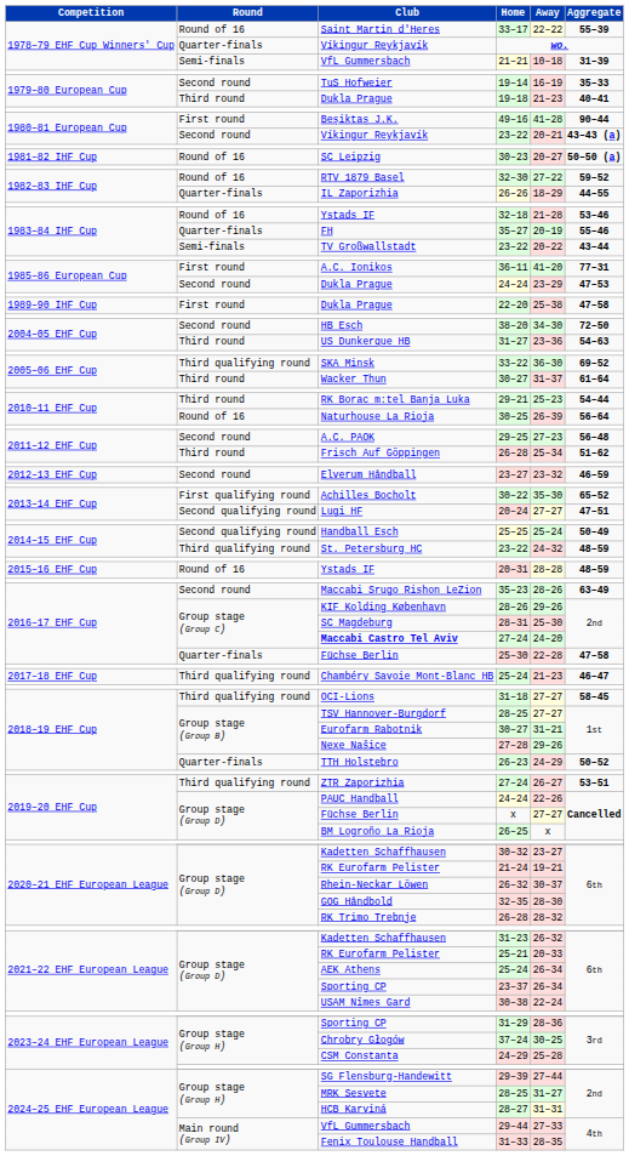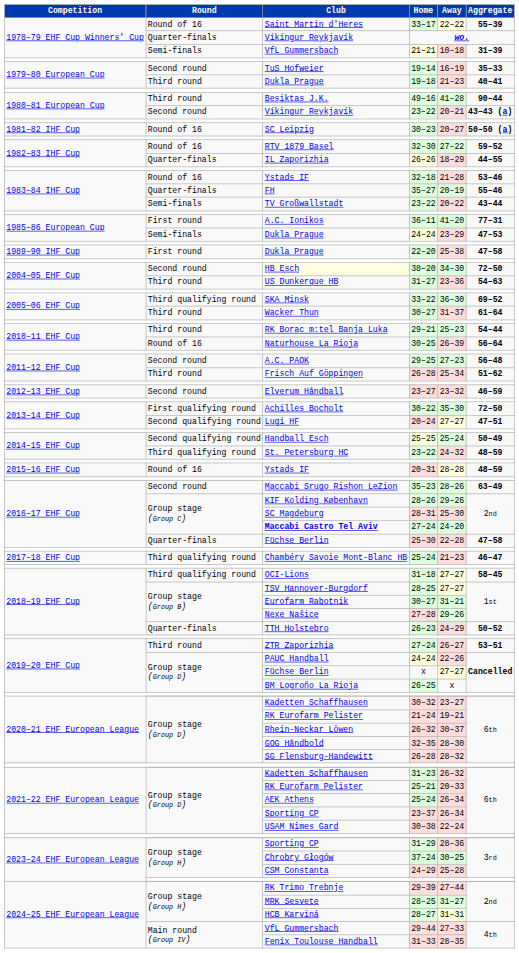 <table class="wikitable collapsible collapsed" align=center>
 <tr>
 <th style="color:#FFFFFF; background:#0038af">Competition</th>
 <th style="color:#FFFFFF; background:#0038af">Round</th>
 <th style="color:#FFFFFF; background:#0038af">Club</th>
 <th style="color:#FFFFFF; background:#0038af">Home</th>
 <th style="color:#FFFFFF; background:#0038af">Away</th>
 <th style="color:#FFFFFF; background:#0038af">Aggregate</th>
 </tr>
 <tr>
 <td rowspan=3><a href='#'>1978–79 EHF Cup Winners' Cup</a></td>
 <td>Round of 16</td>
 <td> <a href='#'>Saint Martin d'Heres</a></td>
 <td style="text-align:center; background:#dfd;">33–17</td>
 <td style="text-align:center; background:#ffd;">22–22</td>
 <td style="text-align:center;"><strong>55–39</strong></td>
 </tr>
 <tr>
 <td>Quarter-finals</td>
 <td> <a href='#'>Víkingur Reykjavík</a></td>
 <td colspan=3; style="text-align:center;"><strong><em><a href='#'>wo.</a></em></strong></td>
 </tr>
 <tr>
 <td>Semi-finals</td>
 <td> <a href='#'>VfL Gummersbach</a></td>
 <td style="text-align:center; background:#ffd;">21–21</td>
 <td style="text-align:center; background:#fdd;">10–18</td>
 <td style="text-align:center;"><strong>31–39</strong></td>
 </tr>
 <tr>
 <td colspan="7"  style="text-align:center; background:white;"></td>
 </tr>
 <tr>
 <td rowspan=2><a href='#'>1979–80 European Cup</a></td>
 <td>Second round</td>
 <td> <a href='#'>TuS Hofweier</a></td>
 <td style="text-align:center; background:#dfd;">19–14</td>
 <td style="text-align:center; background:#fdd;">16–19</td>
 <td style="text-align:center;"><strong>35–33</strong></td>
 </tr>
 <tr>
 <td>Third round</td>
 <td> <a href='#'>Dukla Prague</a></td>
 <td style="text-align:center; background:#dfd;">19–18</td>
 <td style="text-align:center; background:#fdd;">21–23</td>
 <td style="text-align:center;"><strong>40–41</strong></td>
 </tr>
 <tr>
 <td colspan=7 style="text-align: center;" bgcolor=white></td>
 </tr>
 <tr>
 <td rowspan=2><a href='#'>1980–81 European Cup</a></td>
-<td>First round</td>
+<td>Third round</td>
 <td> <a href='#'>Beşiktaş J.K.</a></td>
 <td style="text-align:center; background:#dfd;">49–16</td>
 <td style="text-align:center; background:#dfd;">41–28</td>
 <td style="text-align:center;"><strong>90–44</strong></td>
 </tr>
 <tr>
 <td>Second round</td>
 <td> <a href='#'>Víkingur Reykjavík</a></td>
 <td style="text-align:center; background:#dfd;">23–22</td>
 <td style="text-align:center; background:#fdd;">20–21</td>
 <td style="text-align:center;"><strong>43–43 (<a href='#'>a</a>)</strong></td>
 </tr>
 <tr>
 <td colspan=7 style="text-align: center;" bgcolor=white></td>
 </tr>
 <tr>
 <td rowspan=1><a href='#'>1981–82 IHF Cup</a></td>
 <td>Round of 16</td>
 <td> <a href='#'>SC Leipzig</a></td>
 <td style="text-align:center; background:#dfd;">30–23</td>
 <td style="text-align:center; background:#fdd;">20–27</td>
 <td style="text-align:center;"><strong>50–50 (<a href='#'>a</a>)</strong></td>
 </tr>
 <tr>
 <td colspan=7 style="text-align: center;" bgcolor=white></td>
 </tr>
 <tr>
 <td rowspan=2><a href='#'>1982–83 IHF Cup</a></td>
 <td>Round of 16</td>
 <td> <a href='#'>RTV 1879 Basel</a></td>
 <td style="text-align:center; background:#dfd;">32–30</td>
 <td style="text-align:center; background:#dfd;">27–22</td>
 <td style="text-align:center;"><strong>59–52</strong></td>
 </tr>
 <tr>
 <td>Quarter-finals</td>
 <td> <a href='#'>IL Zaporizhia</a></td>
 <td style="text-align:center; background:#ffd;">26–26</td>
 <td style="text-align:center; background:#fdd;">18–29</td>
 <td style="text-align:center;"><strong>44–55</strong></td>
 </tr>
 <tr>
 <td colspan=7 style="text-align: center;" bgcolor=white></td>
 </tr>
 <tr>
 <td rowspan=3><a href='#'>1983–84 IHF Cup</a></td>
 <td>Round of 16</td>
 <td> <a href='#'>Ystads IF</a></td>
 <td style="text-align:center; background:#dfd;">32–18</td>
 <td style="text-align:center; background:#fdd;">21–28</td>
 <td style="text-align:center;"><strong>53–46</strong></td>
 </tr>
 <tr>
 <td>Quarter-finals</td>
 <td> <a href='#'>FH</a></td>
 <td style="text-align:center; background:#dfd;">35–27</td>
 <td style="text-align:center; background:#dfd;">20–19</td>
 <td style="text-align:center;"><strong>55–46</strong></td>
 </tr>
 <tr>
 <td>Semi-finals</td>
 <td> <a href='#'>TV Großwallstadt</a></td>
 <td style="text-align:center; background:#dfd;">23–22</td>
 <td style="text-align:center; background:#fdd;">20–22</td>
 <td style="text-align:center;"><strong>43–44</strong></td>
 </tr>
 <tr>
 <td colspan=7 style="text-align: center;" bgcolor=white></td>
 </tr>
 <tr>
 <td rowspan=2><a href='#'>1985–86 European Cup</a></td>
 <td>First round</td>
 <td> <a href='#'>A.C. Ionikos</a></td>
 <td style="text-align:center; background:#dfd;">36–11</td>
 <td style="text-align:center; background:#dfd;">41–20</td>
 <td style="text-align:center;"><strong>77–31</strong></td>
 </tr>
 <tr>
-<td>Second round</td>
+<td>Semi-finals</td>
 <td> <a href='#'>Dukla Prague</a></td>
 <td style="text-align:center; background:#ffd;">24–24</td>
 <td style="text-align:center; background:#fdd;">23–29</td>
 <td style="text-align:center;"><strong>47–53</strong></td>
 </tr>
 <tr>
 <td colspan="7"  style="text-align:center; background:white;"></td>
 </tr>
 <tr>
 <td rowspan=1><a href='#'>1989–90 IHF Cup</a></td>
 <td>First round</td>
 <td> <a href='#'>Dukla Prague</a></td>
 <td style="text-align:center; background:#dfd;">22–20</td>
 <td style="text-align:center; background:#fdd;">25–38</td>
 <td style="text-align:center;"><strong>47–58</strong></td>
 </tr>
 <tr>
 <td colspan=7 style="text-align: center;" bgcolor=white></td>
 </tr>
 <tr>
 <td rowspan=2><a href='#'>2004–05 EHF Cup</a></td>
 <td>Second round</td>
-<td> <a href='#'>HB Esch</a></td>
+<td style="background: lightyellow;"> <a href='#'>HB Esch</a></td>
 <td style="text-align:center; background:#dfd;">38–20</td>
 <td style="text-align:center; background:#dfd;">34–30</td>
 <td style="text-align:center;"><strong>72–50</strong></td>
 </tr>
 <tr>
 <td>Third round</td>
 <td> <a href='#'>US Dunkerque HB</a></td>
 <td style="text-align:center; background:#dfd;">31–27</td>
 <td style="text-align:center; background:#fdd;">23–36</td>
 <td style="text-align:center;"><strong>54–63</strong></td>
 </tr>
 <tr>
 <td colspan=7 style="text-align: center;" bgcolor=white></td>
 </tr>
 <tr>
 <td rowspan=2><a href='#'>2005–06 EHF Cup</a></td>
 <td>Third qualifying round</td>
 <td> <a href='#'>SKA Minsk</a></td>
 <td style="text-align:center; background:#dfd;">33–22</td>
 <td style="text-align:center; background:#dfd;">36–30</td>
 <td style="text-align:center;"><strong>69–52</strong></td>
 </tr>
 <tr>
 <td>Third round</td>
 <td> <a href='#'>Wacker Thun</a></td>
 <td style="text-align:center; background:#dfd;">30–27</td>
 <td style="text-align:center; background:#fdd;">31–37</td>
 <td style="text-align:center;"><strong>61–64</strong></td>
 </tr>
 <tr>
 <td colspan=7 style="text-align: center;" bgcolor=white></td>
 </tr>
 <tr>
 <td rowspan=2><a href='#'>2010–11 EHF Cup</a></td>
 <td>Third round</td>
 <td> <a href='#'>RK Borac m:tel Banja Luka</a></td>
 <td style="text-align:center; background:#dfd;">29–21</td>
 <td style="text-align:center; background:#dfd;">25–23</td>
 <td style="text-align:center;"><strong>54–44</strong></td>
 </tr>
 <tr>
 <td>Round of 16</td>
 <td> <a href='#'>Naturhouse La Rioja</a></td>
 <td style="text-align:center; background:#dfd;">30–25</td>
 <td style="text-align:center; background:#fdd;">26–39</td>
 <td style="text-align:center;"><strong>56–64</strong></td>
 </tr>
 <tr>
 <td colspan=7 style="text-align: center;" bgcolor=white></td>
 </tr>
 <tr>
 <td rowspan=2><a href='#'>2011–12 EHF Cup</a></td>
 <td>Second round</td>
 <td> <a href='#'>A.C. PAOK</a></td>
 <td style="text-align:center; background:#dfd;">29–25</td>
 <td style="text-align:center; background:#dfd;">27–23</td>
 <td style="text-align:center;"><strong>56–48</strong></td>
 </tr>
 <tr>
 <td>Third round</td>
 <td> <a href='#'>Frisch Auf Göppingen</a></td>
 <td style="text-align:center; background:#fdd;">26–28</td>
 <td style="text-align:center; background:#fdd;">25–34</td>
 <td style="text-align:center;"><strong>51–62</strong></td>
 </tr>
 <tr>
 <td colspan=7 style="text-align: center;" bgcolor=white></td>
 </tr>
 <tr>
 <td rowspan=1><a href='#'>2012–13 EHF Cup</a></td>
 <td>Second round</td>
 <td> <a href='#'>Elverum Håndball</a></td>
 <td style="text-align:center; background:#fdd;">23–27</td>
 <td style="text-align:center; background:#fdd;">23–32</td>
 <td style="text-align:center;"><strong>46–59</strong></td>
 </tr>
 <tr>
 <td colspan=7 style="text-align: center;" bgcolor=white></td>
 </tr>
 <tr>
 <td rowspan=2><a href='#'>2013–14 EHF Cup</a></td>
 <td>First qualifying round</td>
 <td> <a href='#'>Achilles Bocholt</a></td>
 <td style="text-align:center; background:#dfd;">30–22</td>
 <td style="text-align:center; background:#dfd;">35–30</td>
-<td style="text-align:center;"><strong>65–52</strong></td>
+<td style="text-align:center;"><strong>72–50</strong></td>
 </tr>
 <tr>
 <td>Second qualifying round</td>
 <td> <a href='#'>Lugi HF</a></td>
 <td style="text-align:center; background:#fdd;">20–24</td>
 <td style="text-align:center; background:#ffd;">27–27</td>
 <td style="text-align:center;"><strong>47–51</strong></td>
 </tr>
 <tr>
 <td colspan=7 style="text-align: center;" bgcolor=white></td>
 </tr>
 <tr>
 <td rowspan=2><a href='#'>2014–15 EHF Cup</a></td>
 <td>Second qualifying round</td>
 <td> <a href='#'>Handball Esch</a></td>
 <td style="text-align:center; background:#ffd;">25–25</td>
 <td style="text-align:center; background:#dfd;">25–24</td>
 <td style="text-align:center;"><strong>50–49</strong></td>
 </tr>
 <tr>
 <td>Third qualifying round</td>
 <td> <a href='#'>St. Petersburg HC</a></td>
 <td style="text-align:center; background:#dfd;">23–22</td>
 <td style="text-align:center; background:#fdd;">24–32</td>
 <td style="text-align:center;"><strong>48–59</strong></td>
 </tr>
 <tr>
 <td colspan=7 style="text-align: center;" bgcolor=white></td>
 </tr>
 <tr>
 <td rowspan=1><a href='#'>2015–16 EHF Cup</a></td>
 <td>Round of 16</td>
 <td> <a href='#'>Ystads IF</a></td>
 <td style="text-align:center; background:#fdd;">20–31</td>
 <td style="text-align:center; background:#ffd;">28–28</td>
 <td style="text-align:center;"><strong>48–59</strong></td>
 </tr>
 <tr>
 <td colspan=7 style="text-align: center;" bgcolor=white></td>
 </tr>
 <tr>
 <td rowspan=5><a href='#'>2016–17 EHF Cup</a></td>
 <td>Second round</td>
 <td> <a href='#'>Maccabi Srugo Rishon LeZion</a></td>
 <td style="text-align:center; background:#dfd;">35–23</td>
 <td style="text-align:center; background:#dfd;">28–26</td>
 <td style="text-align:center;"><strong>63–49</strong></td>
 </tr>
 <tr>
 <td rowspan=3>Group stage<br><em>(<small>Group C</small>)</em></td>
 <td> <a href='#'>KIF Kolding København</a></td>
 <td style="text-align:center; background:#dfd;">28–26</td>
 <td style="text-align:center; background:#dfd;">29–26</td>
 <td align=center rowspan=3>2<small>nd</small></td>
 </tr>
 <tr>
 <td> <a href='#'>SC Magdeburg</a></td>
 <td style="text-align:center; background:#fdd;">28–31</td>
 <td style="text-align:center; background:#fdd;">25–30</td>
 </tr>
 <tr>
 <td><strong> <a href='#'>Maccabi Castro Tel Aviv</a></strong></td>
 <td style="text-align:center; background:#dfd;">27–24</td>
 <td style="text-align:center; background:#dfd;">24–20</td>
 </tr>
 <tr>
 <td>Quarter-finals</td>
 <td> <a href='#'>Füchse Berlin</a></td>
 <td style="text-align:center; background:#fdd;">25–30</td>
 <td style="text-align:center; background:#fdd;">22–28</td>
 <td style="text-align:center;"><strong>47–58</strong></td>
 </tr>
 <tr>
 <td colspan=7 style="text-align: center;" bgcolor=white></td>
 </tr>
 <tr>
 <td rowspan=1><a href='#'>2017–18 EHF Cup</a></td>
 <td>Third qualifying round</td>
 <td> <a href='#'>Chambéry Savoie Mont-Blanc HB</a></td>
 <td style="text-align:center; background:#dfd;">25–24</td>
 <td style="text-align:center; background:#fdd;">21–23</td>
 <td style="text-align:center;"><strong>46–47</strong></td>
 </tr>
 <tr>
 <td colspan=7 style="text-align: center;" bgcolor=white></td>
 </tr>
 <tr>
 <td rowspan=5><a href='#'>2018–19 EHF Cup</a></td>
 <td>Third qualifying round</td>
 <td> <a href='#'>OCI-Lions</a></td>
 <td style="text-align:center; background:#dfd;">31–18</td>
 <td style="text-align:center; background:#ffd;">27–27</td>
 <td style="text-align:center;"><strong>58–45</strong></td>
 </tr>
 <tr>
 <td rowspan=3>Group stage<br><em>(<small>Group B</small>)</em></td>
 <td> <a href='#'>TSV Hannover-Burgdorf</a></td>
 <td style="text-align:center; background:#dfd;">28–25</td>
 <td style="text-align:center; background:#ffd;">27–27</td>
 <td align=center rowspan=3>1<small>st</small></td>
 </tr>
 <tr>
 <td> <a href='#'>Eurofarm Rabotnik</a></td>
 <td style="text-align:center; background:#dfd;">30–27</td>
 <td style="text-align:center; background:#dfd;">31–21</td>
 </tr>
 <tr>
 <td> <a href='#'>Nexe Našice</a></td>
 <td style="text-align:center; background:#fdd;">27–28</td>
 <td style="text-align:center; background:#dfd;">29–26</td>
 </tr>
 <tr>
 <td>Quarter-finals</td>
 <td> <a href='#'>TTH Holstebro</a></td>
 <td style="text-align:center; background:#dfd;">26–23</td>
 <td style="text-align:center; background:#fdd;">24–29</td>
 <td style="text-align:center;"><strong>50–52</strong></td>
 </tr>
 <tr>
 <td colspan=7 style="text-align: center;" bgcolor=white></td>
 </tr>
 <tr>
 <td rowspan=4><a href='#'>2019–20 EHF Cup</a></td>
-<td>Third qualifying round</td>
+<td>Third round</td>
 <td> <a href='#'>ZTR Zaporizhia</a></td>
 <td style="text-align:center; background:#dfd;">27–24</td>
 <td style="text-align:center; background:#fdd;">26–27</td>
 <td style="text-align:center;"><strong>53–51</strong></td>
 </tr>
 <tr>
 <td rowspan=3>Group stage<br><em>(<small>Group D</small>)</em></td>
 <td> <a href='#'>PAUC Handball</a></td>
 <td style="text-align:center; background:#ffd;">24–24</td>
 <td style="text-align:center; background:#fdd;">22–26</td>
 <td align=center rowspan=3><strong>Cancelled</strong></td>
 </tr>
 <tr>
 <td> <a href='#'>Füchse Berlin</a></td>
 <td align=center>x</td>
 <td style="text-align:center; background:#ffd;">27–27</td>
 </tr>
 <tr>
 <td> <a href='#'>BM Logroño La Rioja</a></td>
 <td style="text-align:center; background:#dfd;">26–25</td>
 <td align=center>x</td>
 </tr>
 <tr>
 <td colspan=7 style="text-align: center;" bgcolor=white></td>
 </tr>
 <tr>
 <td rowspan=6><a href='#'>2020–21 EHF European League</a></td>
 </tr>
 <tr>
 <td rowspan="5">Group stage<br><em>(<small>Group D</small>)</em></td>
 <td> <a href='#'>Kadetten Schaffhausen</a></td>
 <td style="text-align:center; background:#fdd;">30–32</td>
 <td style="text-align:center; background:#fdd;">23–27</td>
 <td align=center rowspan=5>6<small>th</small></td>
 </tr>
 <tr>
 <td> <a href='#'>RK Eurofarm Pelister</a></td>
 <td style="text-align:center; background:#fdd;">21–24</td>
 <td style="text-align:center; background:#fdd;">19–21</td>
 </tr>
 <tr>
 <td> <a href='#'>Rhein-Neckar Löwen</a></td>
 <td style="text-align:center; background:#fdd;">26–32</td>
 <td style="text-align:center; background:#fdd;">30–37</td>
 </tr>
 <tr>
 <td> <a href='#'>GOG Håndbold</a></td>
 <td style="text-align:center; background:#fdd;">32–35</td>
 <td style="text-align:center; background:#fdd;">28–30</td>
 </tr>
 <tr>
-<td> <a href='#'>RK Trimo Trebnje</a></td>
+<td> <a href='#'>SG Flensburg-Handewitt</a></td>
 <td style="text-align:center; background:#fdd;">26–28</td>
 <td style="text-align:center; background:#fdd;">28–32</td>
 </tr>
 <tr>
 <td colspan=7 style="text-align: center;" bgcolor=white></td>
 </tr>
 <tr>
 <td rowspan=6><a href='#'>2021–22 EHF European League</a></td>
 </tr>
 <tr>
 <td rowspan="5">Group stage<br><em>(<small>Group D</small>)</em></td>
 <td> <a href='#'>Kadetten Schaffhausen</a></td>
 <td style="text-align:center; background:#dfd;">31–23</td>
 <td style="text-align:center; background:#fdd;">26–32</td>
 <td align=center rowspan=5>6<small>th</small></td>
 </tr>
 <tr>
 <td> <a href='#'>RK Eurofarm Pelister</a></td>
 <td style="text-align:center; background:#dfd;">25–21</td>
 <td style="text-align:center; background:#fdd;">20–33</td>
 </tr>
 <tr>
 <td> <a href='#'>AEK Athens</a></td>
 <td style="text-align:center; background:#dfd;">25–24</td>
 <td style="text-align:center; background:#fdd;">26–34</td>
 </tr>
 <tr>
 <td> <a href='#'>Sporting CP</a></td>
 <td style="text-align:center; background:#fdd;">23–37</td>
 <td style="text-align:center; background:#fdd;">26–34</td>
 </tr>
 <tr>
 <td> <a href='#'>USAM Nîmes Gard</a></td>
 <td style="text-align:center; background:#fdd;">30–38</td>
 <td style="text-align:center; background:#fdd;">22–24</td>
 </tr>
 <tr>
 <td colspan="7"  style="text-align:center; background:white;"></td>
 </tr>
 <tr>
 <td rowspan=5><a href='#'>2023–24 EHF European League</a></td>
 </tr>
 <tr>
 <td rowspan="3">Group stage<br><em>(<small>Group H</small>)</em></td>
 <td> <a href='#'>Sporting CP</a></td>
 <td style="text-align:center; background:#dfd;">31–29</td>
 <td style="text-align:center; background:#fdd;">28–36</td>
 <td align=center rowspan=3>3<small>rd</small></td>
 </tr>
 <tr>
 <td> <a href='#'>Chrobry Głogów</a></td>
 <td style="text-align:center; background:#dfd;">37–24</td>
 <td style="text-align:center; background:#dfd;">30–25</td>
 </tr>
 <tr>
 <td> <a href='#'>CSM Constanta</a></td>
 <td style="text-align:center; background:#fdd;">24–29</td>
 <td style="text-align:center; background:#fdd;">25–28</td>
 </tr>
 <tr>
 <td colspan="6"  style="text-align:center; background:white;"></td>
 </tr>
 <tr>
 <td rowspan=6><a href='#'>2024–25 EHF European League</a></td>
 </tr>
 <tr>
 <td rowspan="3">Group stage<br><em>(<small>Group H</small>)</em></td>
-<td> <a href='#'>SG Flensburg-Handewitt</a></td>
+<td> <a href='#'>RK Trimo Trebnje</a></td>
 <td style="text-align:center; background:#fdd;">29–39</td>
 <td style="text-align:center; background:#fdd;">27–44</td>
 <td align=center rowspan=3>2<small>nd</small></td>
 </tr>
 <tr>
 <td> <a href='#'>MRK Sesvete</a></td>
 <td style="text-align:center; background:#dfd;">28–25</td>
 <td style="text-align:center; background:#dfd;">31–27</td>
 </tr>
 <tr>
 <td> <a href='#'>HCB Karviná</a></td>
 <td style="text-align:center; background:#dfd;">28–27</td>
 <td style="text-align:center; background:#ffd;">31–31</td>
 </tr>
 <tr>
 <td rowspan="2">Main round<br><em>(<small>Group IV</small>)</em></td>
 <td> <a href='#'>VfL Gummersbach</a></td>
 <td style="text-align:center; background:#fdd;">29–44</td>
 <td style="text-align:center; background:#fdd;">27–33</td>
 <td align=center rowspan=3>4<small>th</small></td>
 </tr>
 <tr>
 <td> <a href='#'>Fenix Toulouse Handball</a></td>
 <td style="text-align:center; background:#fdd;">31–33</td>
 <td style="text-align:center; background:#fdd;">28–35</td>
 </tr>
 </table>
